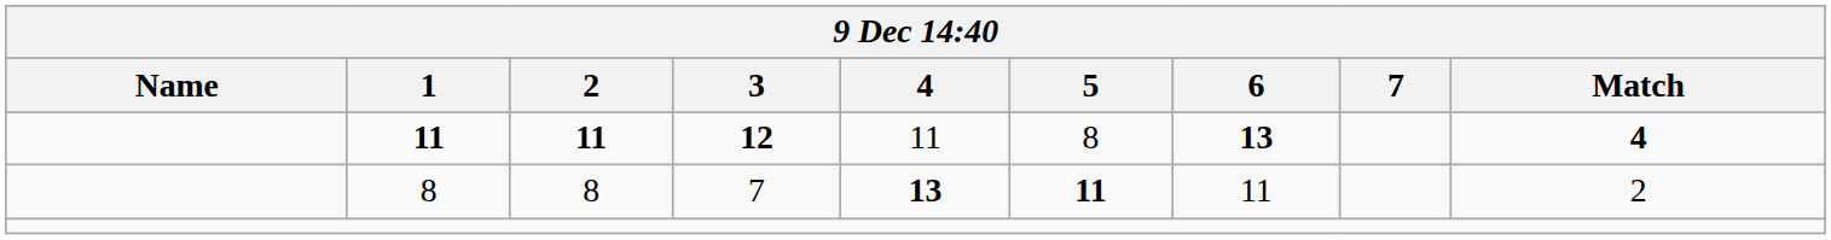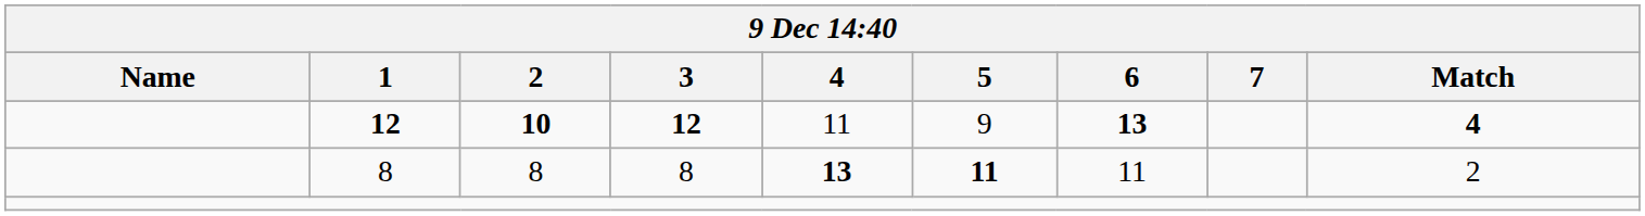 <table class=wikitable style="text-align:center; width: 55%">
 <tr>
 <th colspan=17><em> 9 Dec 14:40</em></th>
 </tr>
 <tr>
 <th>Name</th>
 <th>1</th>
 <th>2</th>
 <th>3</th>
 <th>4</th>
 <th>5</th>
 <th>6</th>
 <th>7</th>
 <th>Match</th>
 </tr>
 <tr>
 <td style="text-align:left;"><strong></strong></td>
-<td><strong>11</strong></td>
-<td><strong>11</strong></td>
+<td><strong>12</strong></td>
+<td><strong>10</strong></td>
 <td><strong>12</strong></td>
 <td>11</td>
-<td>8</td>
+<td>9</td>
 <td><strong>13</strong></td>
 <td></td>
 <td><strong>4</strong></td>
 </tr>
 <tr>
 <td style="text-align:left;"></td>
 <td>8</td>
 <td>8</td>
-<td>7</td>
+<td>8</td>
 <td><strong>13</strong></td>
 <td><strong>11</strong></td>
 <td>11</td>
 <td></td>
 <td>2</td>
 </tr>
 <tr>
 <td colspan=17></td>
 </tr>
 </table>
